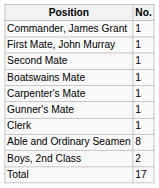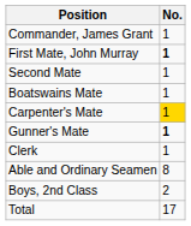 <table class="wikitable" style="margin: 1em auto 1em auto;">
 <tr>
 <th>Position</th>
 <th>No.</th>
 </tr>
 <tr>
 <td>Commander, James Grant</td>
 <td>1</td>
 </tr>
 <tr>
 <td>First Mate, John Murray</td>
-<td>1</td>
+<td><strong>1</strong></td>
 </tr>
 <tr>
 <td>Second Mate</td>
 <td>1</td>
 </tr>
 <tr>
 <td>Boatswains Mate</td>
 <td>1</td>
 </tr>
 <tr>
 <td>Carpenter's Mate</td>
-<td>1</td>
+<td style="background: gold;">1</td>
 </tr>
 <tr>
 <td>Gunner's Mate</td>
-<td>1</td>
+<td><strong>1</strong></td>
 </tr>
 <tr>
 <td>Clerk</td>
 <td>1</td>
 </tr>
 <tr>
 <td>Able and Ordinary Seamen</td>
 <td>8</td>
 </tr>
 <tr>
 <td>Boys, 2nd Class</td>
 <td>2</td>
 </tr>
 <tr>
 <td>Total</td>
 <td>17</td>
 </tr>
 </table>
